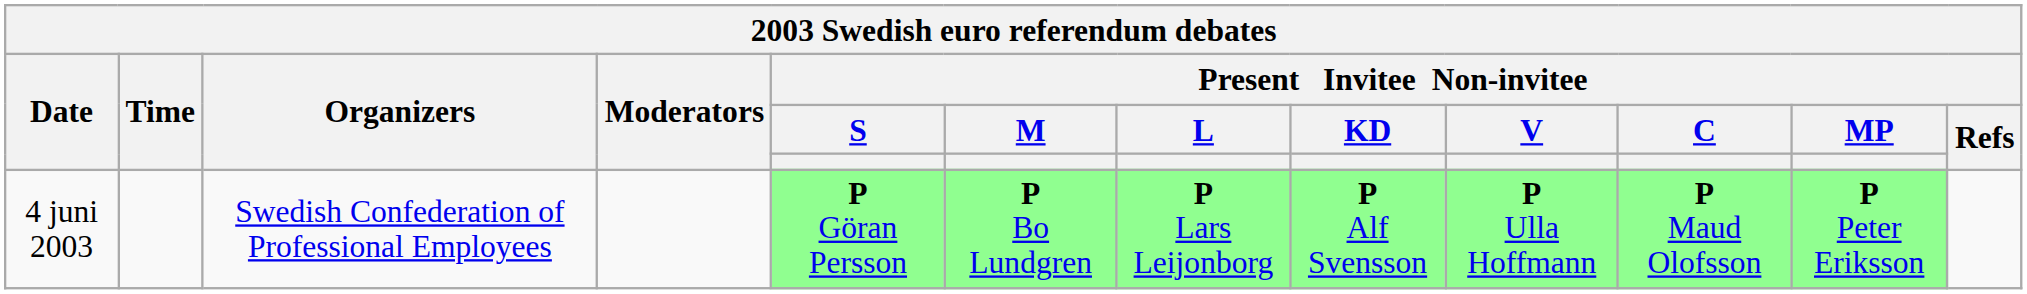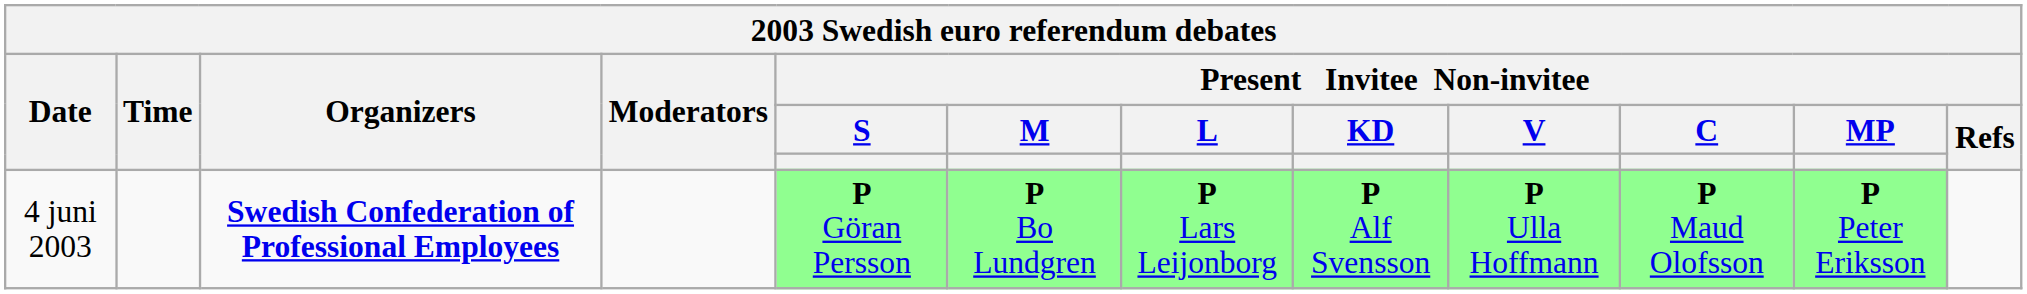 <table class="wikitable" style="font-size:85%; line-height:15px; text-align:center;">
 <tr>
 <th colspan="12">2003 Swedish euro referendum debates</th>
 </tr>
 <tr>
 <th rowspan="3">Date</th>
 <th rowspan="3">Time</th>
 <th rowspan="3">Organizers</th>
 <th rowspan="3">Moderators</th>
 <th colspan="8"> Present    Invitee  Non-invitee </th>
 </tr>
 <tr>
 <th scope="col" style="width:5em;"><a href='#'>S</a></th>
 <th scope="col" style="width:5em;"><a href='#'>M</a></th>
 <th scope="col" style="width:5em;"><a href='#'>L</a></th>
 <th><a href='#'>KD</a></th>
 <th scope="col" style="width:5em;"><a href='#'>V</a></th>
 <th scope="col" style="width:5em;"><a href='#'>C</a></th>
 <th><a href='#'>MP</a></th>
 <th rowspan="2">Refs</th>
 </tr>
 <tr>
 <th style="background:"></th>
 <th style="background:"></th>
 <th style="background:"></th>
 <th style="background:"></th>
 <th style="background:"></th>
 <th style="background:"></th>
 <th style="background:"></th>
 </tr>
 <tr>
 <td>4 juni 2003</td>
 <td></td>
-<td><a href='#'>Swedish Confederation of Professional Employees</a></td>
+<td><strong><a href='#'>Swedish Confederation of Professional Employees</a></strong></td>
 <td></td>
 <td style="background:#90FF90"><strong>P</strong><br><a href='#'>Göran Persson</a></td>
 <td style="background:#90FF90"><strong>P</strong><br><a href='#'>Bo Lundgren</a></td>
 <td style="background:#90FF90"><strong>P</strong><br><a href='#'>Lars Leijonborg</a></td>
 <td style="background:#90FF90"><strong>P</strong><br><a href='#'>Alf Svensson</a></td>
 <td style="background:#90FF90"><strong>P</strong><br><a href='#'>Ulla Hoffmann</a></td>
 <td style="background:#90FF90"><strong>P</strong><br><a href='#'>Maud Olofsson</a></td>
 <td style="background:#90FF90"><strong>P</strong><br><a href='#'>Peter Eriksson</a></td>
 <td></td>
 </tr>
 </table>
